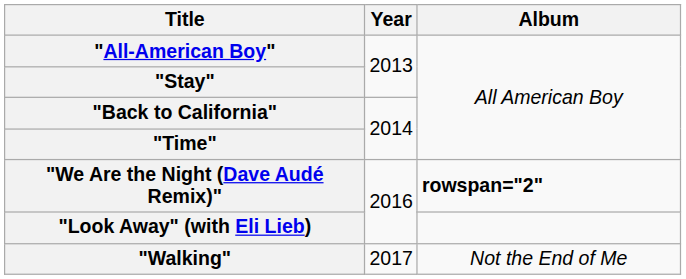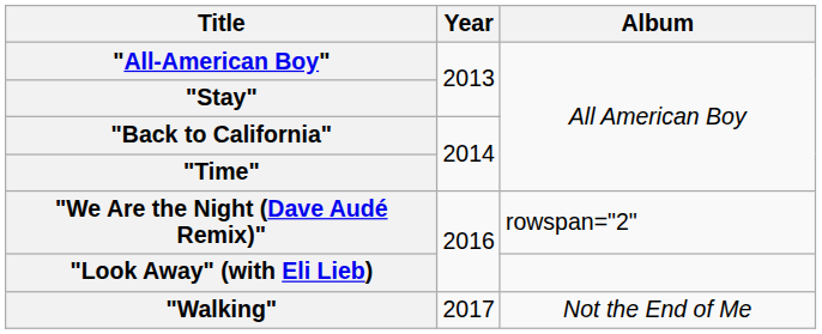 <table class="wikitable plainrowheaders" style="text-align:left;">
 <tr>
 <th scope="col" style="width:18em;">Title</th>
 <th scope="col" style="width:2em;">Year</th>
 <th scope="col" style="width:13em;">Album</th>
 </tr>
 <tr>
 <th scope="row">"<a href='#'>All-American Boy</a>"</th>
 <td rowspan="2">2013</td>
 <td rowspan="4" style="text-align:center;"><em>All American Boy</em></td>
 </tr>
 <tr>
 <th scope="row">"Stay"</th>
 </tr>
 <tr>
 <th scope="row">"Back to California"</th>
 <td rowspan=2>2014</td>
 </tr>
 <tr>
 <th scope="row">"Time"</th>
 </tr>
 <tr>
 <th scope="row">"We Are the Night (<a href='#'>Dave Audé</a> Remix)"</th>
 <td rowspan="2">2016</td>
-<td><strong>rowspan="2" </strong></td>
+<td>rowspan="2" </td>
 </tr>
 <tr>
 <th scope="row">"Look Away" (with <a href='#'>Eli Lieb</a>)</th>
 </tr>
 <tr>
 <th scope="row">"Walking"</th>
 <td>2017</td>
 <td style="text-align:center;"><em>Not the End of Me</em></td>
 </tr>
 </table>
